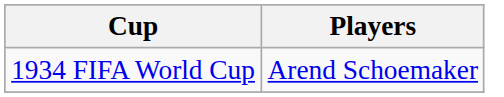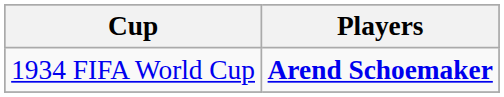 <table class="wikitable" style="text-align: left">
 <tr style="text-align: center">
 <th>Cup</th>
 <th>Players</th>
 </tr>
 <tr>
 <td align="left"> <a href='#'>1934 FIFA World Cup</a></td>
-<td> <a href='#'>Arend Schoemaker</a></td>
+<td><strong> <a href='#'>Arend Schoemaker</a></strong></td>
 </tr>
 </table>
